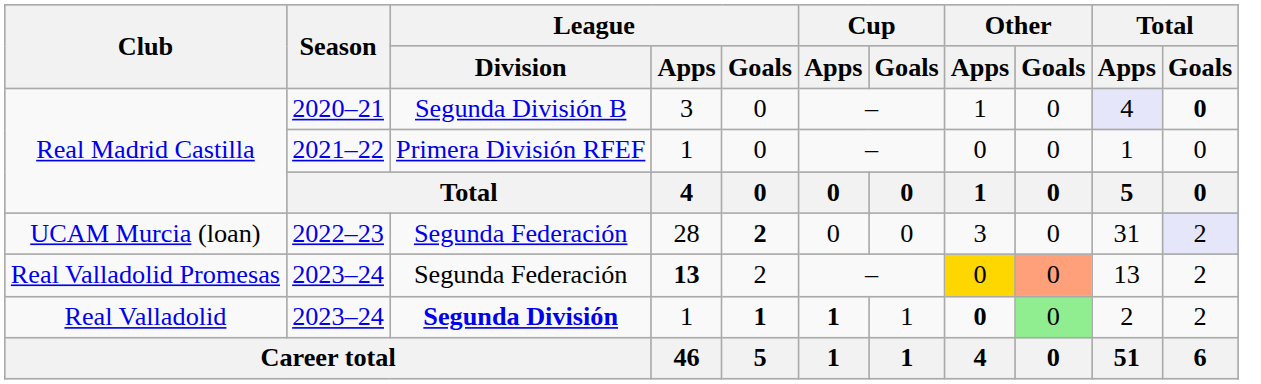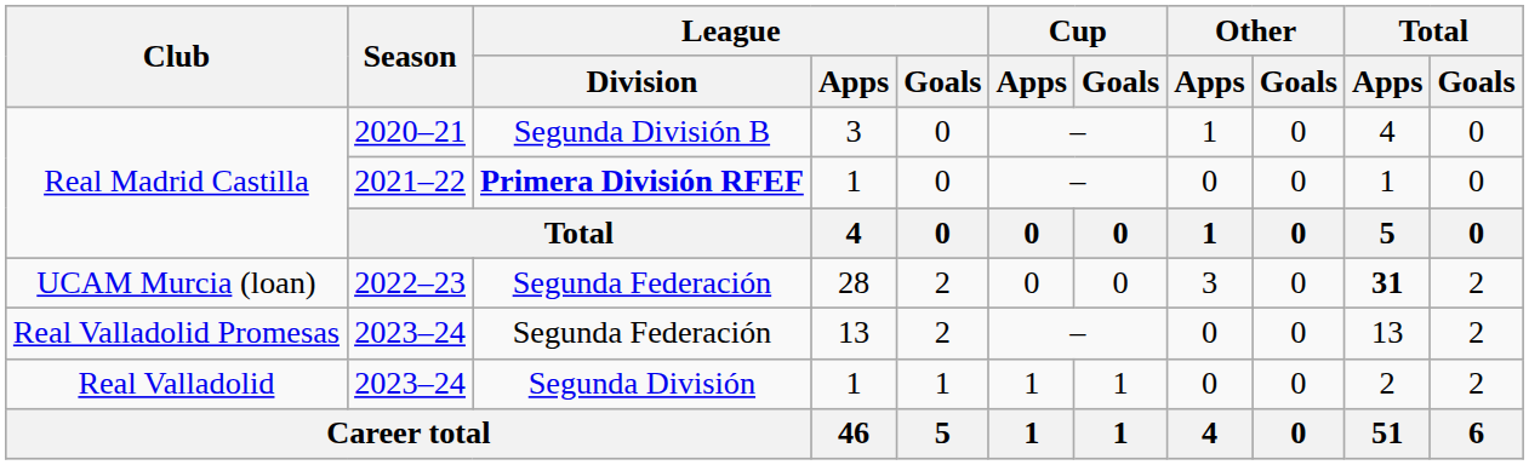 <table class="wikitable" style="text-align: center">
 <tr>
 <th rowspan="2">Club</th>
 <th rowspan="2">Season</th>
 <th colspan="3">League</th>
 <th colspan="2">Cup</th>
 <th colspan="2">Other</th>
 <th colspan="2">Total</th>
 </tr>
 <tr>
 <th>Division</th>
 <th>Apps</th>
 <th>Goals</th>
 <th>Apps</th>
 <th>Goals</th>
 <th>Apps</th>
 <th>Goals</th>
 <th>Apps</th>
 <th>Goals</th>
 </tr>
 <tr>
 <td rowspan="3"><a href='#'>Real Madrid Castilla</a></td>
 <td><a href='#'>2020–21</a></td>
 <td><a href='#'>Segunda División B</a></td>
 <td>3</td>
 <td>0</td>
 <td colspan="2">–</td>
 <td>1</td>
 <td>0</td>
-<td style="background: lavender;">4</td>
-<td><strong>0</strong></td>
+<td>4</td>
+<td>0</td>
 </tr>
 <tr>
 <td><a href='#'>2021–22</a></td>
-<td><a href='#'>Primera División RFEF</a></td>
+<td><strong><a href='#'>Primera División RFEF</a></strong></td>
 <td>1</td>
 <td>0</td>
 <td colspan="2">–</td>
 <td>0</td>
 <td>0</td>
 <td>1</td>
 <td>0</td>
 </tr>
 <tr>
 <th colspan="2"><strong>Total</strong></th>
 <th>4</th>
 <th>0</th>
 <th>0</th>
 <th>0</th>
 <th>1</th>
 <th>0</th>
 <th>5</th>
 <th>0</th>
 </tr>
 <tr>
 <td><a href='#'>UCAM Murcia</a> (loan)</td>
 <td><a href='#'>2022–23</a></td>
 <td><a href='#'>Segunda Federación</a></td>
 <td>28</td>
-<td><strong>2</strong></td>
+<td>2</td>
 <td>0</td>
 <td>0</td>
 <td>3</td>
 <td>0</td>
-<td>31</td>
-<td style="background: lavender;">2</td>
+<td><strong>31</strong></td>
+<td>2</td>
 </tr>
 <tr>
 <td><a href='#'>Real Valladolid Promesas</a></td>
 <td><a href='#'>2023–24</a></td>
 <td>Segunda Federación</td>
-<td><strong>13</strong></td>
+<td>13</td>
 <td>2</td>
 <td colspan="2">–</td>
-<td style="background: gold;">0</td>
-<td style="background: lightsalmon;">0</td>
+<td>0</td>
+<td>0</td>
 <td>13</td>
 <td>2</td>
 </tr>
 <tr>
 <td><a href='#'>Real Valladolid</a></td>
 <td><a href='#'>2023–24</a></td>
-<td><strong><a href='#'>Segunda División</a></strong></td>
+<td><a href='#'>Segunda División</a></td>
 <td>1</td>
-<td><strong>1</strong></td>
-<td><strong>1</strong></td>
 <td>1</td>
-<td><strong>0</strong></td>
-<td style="background: lightgreen;">0</td>
+<td>1</td>
+<td>1</td>
+<td>0</td>
+<td>0</td>
 <td>2</td>
 <td>2</td>
 </tr>
 <tr>
 <th colspan="3"><strong>Career total</strong></th>
 <th>46</th>
 <th>5</th>
 <th>1</th>
 <th>1</th>
 <th>4</th>
 <th>0</th>
 <th>51</th>
 <th>6</th>
 </tr>
 </table>
